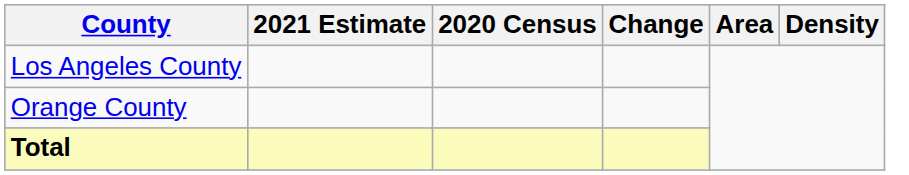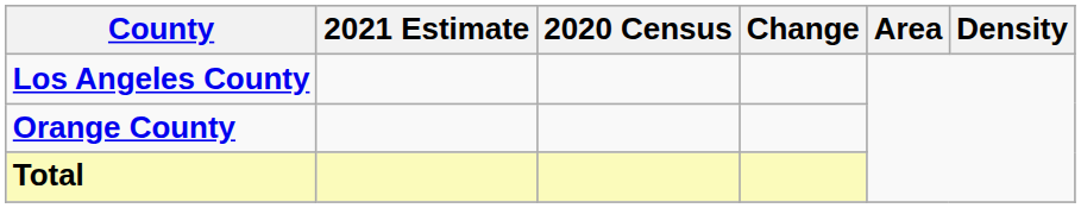 <table class="wikitable sortable">
 <tr>
 <th><a href='#'>County</a></th>
 <th>2021 Estimate</th>
 <th>2020 Census</th>
 <th>Change</th>
 <th>Area</th>
 <th>Density</th>
 </tr>
 <tr>
-<td><a href='#'>Los Angeles County</a></td>
+<td><strong><a href='#'>Los Angeles County</a></strong></td>
 <td></td>
 <td></td>
 <td></td>
 </tr>
 <tr>
-<td><a href='#'>Orange County</a></td>
+<td><strong><a href='#'>Orange County</a></strong></td>
 <td></td>
 <td></td>
 <td></td>
 </tr>
 <tr class=sortbottom style="background:#fbfbbb">
 <td><strong>Total</strong></td>
 <td></td>
 <td></td>
 <td></td>
 </tr>
 </table>
